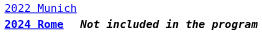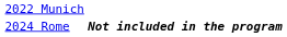 <table>
 <tr>
 <td><a href='#'>2022 Munich</a><br></td>
 <td></td>
 <td></td>
 <td></td>
 </tr>
 <tr>
-<td><strong><a href='#'>2024 Rome</a></strong></td>
+<td><a href='#'>2024 Rome</a></td>
 <th colspan="3"><em>Not included in the program</em></th>
 </tr>
 </table>
